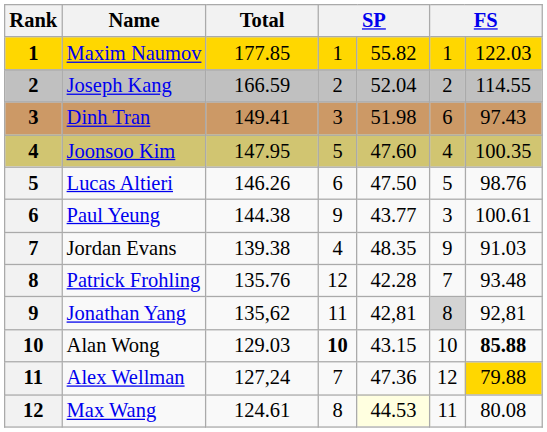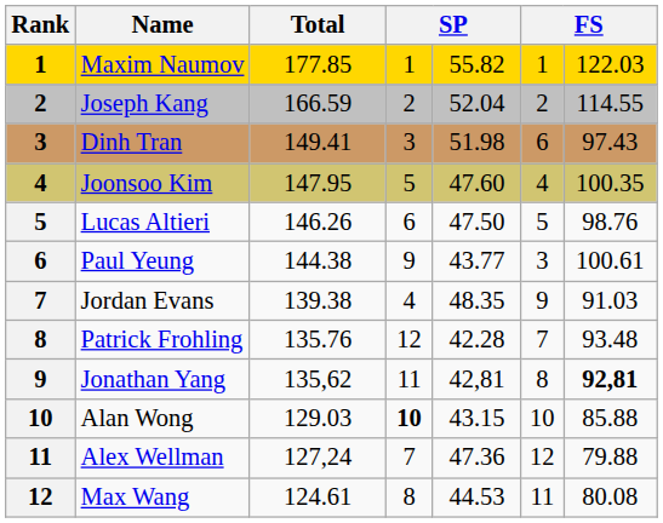 <table class="wikitable sortable">
 <tr>
 <th>Rank</th>
 <th>Name</th>
 <th width="80px">Total</th>
 <th colspan="2" width="80px"><a href='#'>SP</a></th>
 <th colspan="2" width="80px"><a href='#'>FS</a></th>
 </tr>
 <tr bgcolor="gold">
 <td align="center"><strong>1</strong></td>
 <td><a href='#'>Maxim Naumov</a></td>
 <td align="center">177.85</td>
 <td align="center">1</td>
 <td align="center">55.82</td>
 <td align="center">1</td>
 <td align="center">122.03</td>
 </tr>
 <tr bgcolor="silver">
 <td align="center"><strong>2</strong></td>
 <td><a href='#'>Joseph Kang</a></td>
 <td align="center">166.59</td>
 <td align="center">2</td>
 <td align="center">52.04</td>
 <td align="center">2</td>
 <td align="center">114.55</td>
 </tr>
 <tr bgcolor="cc9966">
 <td align="center"><strong>3</strong></td>
 <td><a href='#'>Dinh Tran</a></td>
 <td align="center">149.41</td>
 <td align="center">3</td>
 <td align="center">51.98</td>
 <td align="center">6</td>
 <td align="center">97.43</td>
 </tr>
 <tr bgcolor="#d1c571">
 <td align="center"><strong>4</strong></td>
 <td><a href='#'>Joonsoo Kim</a></td>
 <td align="center">147.95</td>
 <td align="center">5</td>
 <td align="center">47.60</td>
 <td align="center">4</td>
 <td align="center">100.35</td>
 </tr>
 <tr>
 <th>5</th>
 <td><a href='#'>Lucas Altieri</a></td>
 <td align="center">146.26</td>
 <td align="center">6</td>
 <td align="center">47.50</td>
 <td align="center">5</td>
 <td align="center">98.76</td>
 </tr>
 <tr>
 <th>6</th>
 <td><a href='#'>Paul Yeung</a></td>
 <td align="center">144.38</td>
 <td align="center">9</td>
 <td align="center">43.77</td>
 <td align="center">3</td>
 <td align="center">100.61</td>
 </tr>
 <tr>
 <th>7</th>
 <td>Jordan Evans</td>
 <td align="center">139.38</td>
 <td align="center">4</td>
 <td align="center">48.35</td>
 <td align="center">9</td>
 <td align="center">91.03</td>
 </tr>
 <tr>
 <th>8</th>
 <td><a href='#'>Patrick Frohling</a></td>
 <td align="center">135.76</td>
 <td align="center">12</td>
 <td align="center">42.28</td>
 <td align="center">7</td>
 <td align="center">93.48</td>
 </tr>
 <tr>
 <th>9</th>
 <td><a href='#'>Jonathan Yang</a></td>
 <td align="center">135,62</td>
 <td align="center">11</td>
 <td align="center">42,81</td>
-<td align="center" style="background: lightgrey;">8</td>
-<td align="center">92,81</td>
+<td align="center">8</td>
+<td align="center"><strong>92,81</strong></td>
 </tr>
 <tr>
 <th>10</th>
 <td>Alan Wong</td>
 <td align="center">129.03</td>
 <td align="center"><strong>10</strong></td>
 <td align="center">43.15</td>
 <td align="center">10</td>
-<td align="center"><strong>85.88</strong></td>
+<td align="center">85.88</td>
 </tr>
 <tr>
 <th>11</th>
 <td><a href='#'>Alex Wellman</a></td>
 <td align="center">127,24</td>
 <td align="center">7</td>
 <td align="center">47.36</td>
 <td align="center">12</td>
-<td align="center" style="background: gold;">79.88</td>
+<td align="center">79.88</td>
 </tr>
 <tr>
 <th>12</th>
 <td><a href='#'>Max Wang</a></td>
 <td align="center">124.61</td>
 <td align="center">8</td>
-<td align="center" style="background: lightyellow;">44.53</td>
+<td align="center">44.53</td>
 <td align="center">11</td>
 <td align="center">80.08</td>
 </tr>
 </table>
